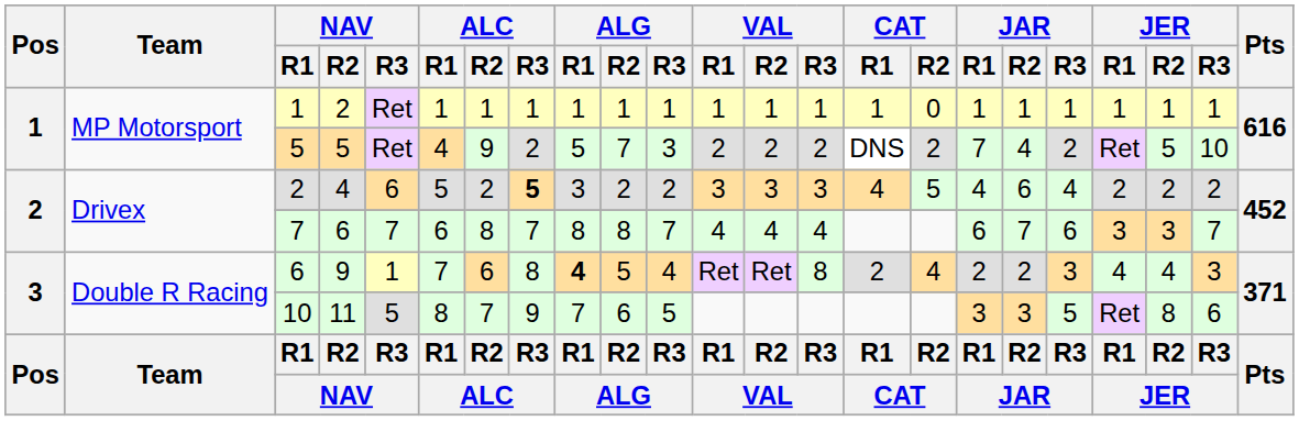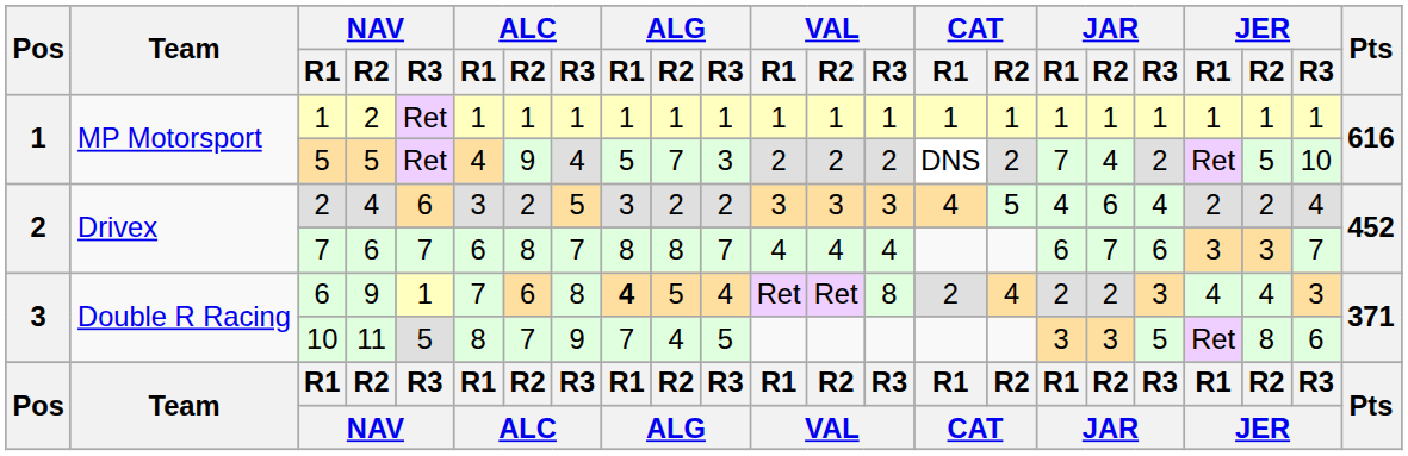 <table class="wikitable" style="font-size: 85%; text-align:center">
 <tr>
 <th rowspan=2>Pos</th>
 <th rowspan=2>Team</th>
 <th colspan=3><a href='#'>NAV</a><br></th>
 <th colspan=3><a href='#'>ALC</a><br></th>
 <th colspan=3><a href='#'>ALG</a><br></th>
 <th colspan=3><a href='#'>VAL</a><br></th>
 <th colspan=2><a href='#'>CAT</a><br></th>
 <th colspan=3><a href='#'>JAR</a><br></th>
 <th colspan=3><a href='#'>JER</a><br></th>
 <th rowspan=2>Pts</th>
 </tr>
 <tr>
 <th>R1</th>
 <th>R2</th>
 <th>R3</th>
 <th>R1</th>
 <th>R2</th>
 <th>R3</th>
 <th>R1</th>
 <th>R2</th>
 <th>R3</th>
 <th>R1</th>
 <th>R2</th>
 <th>R3</th>
 <th>R1</th>
 <th>R2</th>
 <th>R1</th>
 <th>R2</th>
 <th>R3</th>
 <th>R1</th>
 <th>R2</th>
 <th>R3</th>
 </tr>
 <tr>
 <th rowspan=2>1</th>
 <td style="text-align:left" rowspan=2> <a href='#'>MP Motorsport</a></td>
 <td style="background:#FFFFBF">1</td>
 <td style="background:#FFFFBF">2</td>
 <td style="background:#EFCFFF">Ret</td>
 <td style="background:#FFFFBF">1</td>
 <td style="background:#FFFFBF">1</td>
 <td style="background:#FFFFBF">1</td>
 <td style="background:#FFFFBF">1</td>
 <td style="background:#FFFFBF">1</td>
 <td style="background:#FFFFBF">1</td>
 <td style="background:#FFFFBF">1</td>
 <td style="background:#FFFFBF">1</td>
 <td style="background:#FFFFBF">1</td>
 <td style="background:#FFFFBF">1</td>
-<td style="background:#FFFFBF">0</td>
+<td style="background:#FFFFBF">1</td>
 <td style="background:#FFFFBF">1</td>
 <td style="background:#FFFFBF">1</td>
 <td style="background:#FFFFBF">1</td>
 <td style="background:#FFFFBF">1</td>
 <td style="background:#FFFFBF">1</td>
 <td style="background:#FFFFBF">1</td>
 <th rowspan=2>616</th>
 </tr>
 <tr>
 <td style="background:#FFDF9F">5</td>
 <td style="background:#FFDF9F">5</td>
 <td style="background:#EFCFFF">Ret</td>
 <td style="background:#FFDF9F">4</td>
 <td style="background:#DFFFDF">9</td>
-<td style="background:#DFDFDF">2</td>
+<td style="background:#DFDFDF">4</td>
 <td style="background:#DFFFDF">5</td>
 <td style="background:#DFFFDF">7</td>
 <td style="background:#DFFFDF">3</td>
 <td style="background:#DFDFDF">2</td>
 <td style="background:#DFDFDF">2</td>
 <td style="background:#DFDFDF">2</td>
 <td style="background:#FFFFFF">DNS</td>
 <td style="background:#DFDFDF">2</td>
 <td style="background:#DFFFDF">7</td>
 <td style="background:#DFFFDF">4</td>
 <td style="background:#DFDFDF">2</td>
 <td style="background:#EFCFFF">Ret</td>
 <td style="background:#DFFFDF">5</td>
 <td style="background:#DFFFDF">10</td>
 </tr>
 <tr>
 <th rowspan=2>2</th>
 <td style="text-align:left" rowspan=2> <a href='#'>Drivex</a></td>
 <td style="background:#DFDFDF">2</td>
 <td style="background:#DFDFDF">4</td>
 <td style="background:#FFDF9F">6</td>
-<td style="background:#DFDFDF">5</td>
+<td style="background:#DFDFDF">3</td>
 <td style="background:#DFDFDF">2</td>
-<td style="background:#FFDF9F"><strong>5</strong></td>
+<td style="background:#FFDF9F">5</td>
 <td style="background:#DFDFDF">3</td>
 <td style="background:#DFDFDF">2</td>
 <td style="background:#DFDFDF">2</td>
 <td style="background:#FFDF9F">3</td>
 <td style="background:#FFDF9F">3</td>
 <td style="background:#FFDF9F">3</td>
 <td style="background:#FFDF9F">4</td>
 <td style="background:#DFFFDF">5</td>
 <td style="background:#DFFFDF">4</td>
 <td style="background:#DFFFDF">6</td>
 <td style="background:#DFFFDF">4</td>
 <td style="background:#DFDFDF">2</td>
 <td style="background:#DFDFDF">2</td>
-<td style="background:#DFDFDF">2</td>
+<td style="background:#DFDFDF">4</td>
 <th rowspan=2>452</th>
 </tr>
 <tr>
 <td style="background:#DFFFDF">7</td>
 <td style="background:#DFFFDF">6</td>
 <td style="background:#DFFFDF">7</td>
 <td style="background:#DFFFDF">6</td>
 <td style="background:#DFFFDF">8</td>
 <td style="background:#DFFFDF">7</td>
 <td style="background:#DFFFDF">8</td>
 <td style="background:#DFFFDF">8</td>
 <td style="background:#DFFFDF">7</td>
 <td style="background:#DFFFDF">4</td>
 <td style="background:#DFFFDF">4</td>
 <td style="background:#DFFFDF">4</td>
 <td></td>
 <td></td>
 <td style="background:#DFFFDF">6</td>
 <td style="background:#DFFFDF">7</td>
 <td style="background:#DFFFDF">6</td>
 <td style="background:#FFDF9F">3</td>
 <td style="background:#FFDF9F">3</td>
 <td style="background:#DFFFDF">7</td>
 </tr>
 <tr>
 <th rowspan=2>3</th>
 <td style="text-align:left" rowspan=2 nowrap> <a href='#'>Double R Racing</a></td>
 <td style="background:#DFFFDF">6</td>
 <td style="background:#DFFFDF">9</td>
 <td style="background:#FFFFBF">1</td>
 <td style="background:#DFFFDF">7</td>
 <td style="background:#FFDF9F">6</td>
 <td style="background:#DFFFDF">8</td>
 <td style="background:#FFDF9F"><strong>4</strong></td>
 <td style="background:#FFDF9F">5</td>
 <td style="background:#FFDF9F">4</td>
 <td style="background:#EFCFFF">Ret</td>
 <td style="background:#EFCFFF">Ret</td>
 <td style="background:#DFFFDF">8</td>
 <td style="background:#DFDFDF">2</td>
 <td style="background:#FFDF9F">4</td>
 <td style="background:#DFDFDF">2</td>
 <td style="background:#DFDFDF">2</td>
 <td style="background:#FFDF9F">3</td>
 <td style="background:#DFFFDF">4</td>
 <td style="background:#DFFFDF">4</td>
 <td style="background:#FFDF9F">3</td>
 <th rowspan=2>371</th>
 </tr>
 <tr>
 <td style="background:#DFFFDF">10</td>
 <td style="background:#DFFFDF">11</td>
 <td style="background:#DFDFDF">5</td>
 <td style="background:#DFFFDF">8</td>
 <td style="background:#DFFFDF">7</td>
 <td style="background:#DFFFDF">9</td>
 <td style="background:#DFFFDF">7</td>
-<td style="background:#DFFFDF">6</td>
+<td style="background:#DFFFDF">4</td>
 <td style="background:#DFFFDF">5</td>
 <td></td>
 <td></td>
 <td></td>
 <td></td>
 <td></td>
 <td style="background:#FFDF9F">3</td>
 <td style="background:#FFDF9F">3</td>
 <td style="background:#DFFFDF">5</td>
 <td style="background:#EFCFFF">Ret</td>
 <td style="background:#DFFFDF">8</td>
 <td style="background:#DFFFDF">6</td>
 </tr>
 <tr>
 <th rowspan=2>Pos</th>
 <th rowspan=2>Team</th>
 <th>R1</th>
 <th>R2</th>
 <th>R3</th>
 <th>R1</th>
 <th>R2</th>
 <th>R3</th>
 <th>R1</th>
 <th>R2</th>
 <th>R3</th>
 <th>R1</th>
 <th>R2</th>
 <th>R3</th>
 <th>R1</th>
 <th>R2</th>
 <th>R1</th>
 <th>R2</th>
 <th>R3</th>
 <th>R1</th>
 <th>R2</th>
 <th>R3</th>
 <th rowspan=2>Pts</th>
 </tr>
 <tr>
 <th colspan=3><a href='#'>NAV</a><br></th>
 <th colspan=3><a href='#'>ALC</a><br></th>
 <th colspan=3><a href='#'>ALG</a><br></th>
 <th colspan=3><a href='#'>VAL</a><br></th>
 <th colspan=2><a href='#'>CAT</a><br></th>
 <th colspan=3><a href='#'>JAR</a><br></th>
 <th colspan=3><a href='#'>JER</a><br></th>
 </tr>
 </table>
